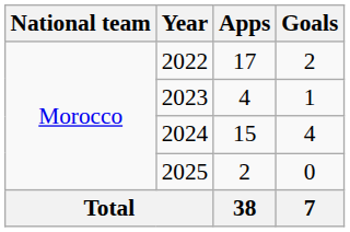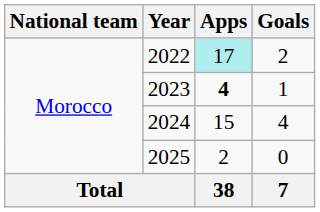 <table class="wikitable" style="text-align:center">
 <tr>
 <th>National team</th>
 <th>Year</th>
 <th>Apps</th>
 <th>Goals</th>
 </tr>
 <tr>
 <td rowspan="4"><a href='#'>Morocco</a></td>
 <td>2022</td>
-<td>17</td>
+<td style="background: paleturquoise;">17</td>
 <td>2</td>
 </tr>
 <tr>
 <td>2023</td>
-<td>4</td>
+<td><strong>4</strong></td>
 <td>1</td>
 </tr>
 <tr>
 <td>2024</td>
 <td>15</td>
 <td>4</td>
 </tr>
 <tr>
 <td>2025</td>
 <td>2</td>
 <td>0</td>
 </tr>
 <tr>
 <th colspan="2">Total</th>
 <th>38</th>
 <th>7</th>
 </tr>
 </table>
